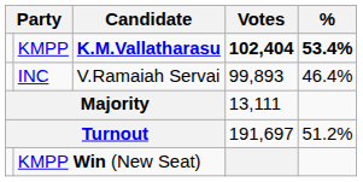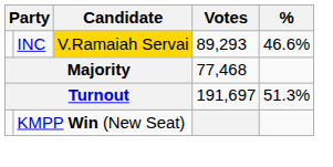 <table class="wikitable">
 <tr>
 <th colspan="2">Party</th>
 <th>Candidate</th>
 <th>Votes</th>
 <th>%</th>
 </tr>
 <tr>
 <td></td>
-<td><a href='#'>KMPP</a></td>
-<td><strong><a href='#'>K.M.Vallatharasu</a></strong></td>
-<td><strong>102,404</strong></td>
-<td><strong>53.4%</strong></td>
-</tr>
-<tr>
-<td></td>
 <td><a href='#'>INC</a></td>
-<td>V.Ramaiah Servai</td>
-<td>99,893</td>
-<td>46.4%</td>
+<td style="background: gold;">V.Ramaiah Servai</td>
+<td>89,293</td>
+<td>46.6%</td>
 </tr>
 <tr>
 <th colspan="3">Majority</th>
-<td>13,111</td>
+<td>77,468</td>
 </tr>
 <tr>
 <th colspan="3"><a href='#'>Turnout</a></th>
 <td>191,697</td>
-<td>51.2%</td>
+<td>51.3%</td>
 </tr>
 <tr>
 <td></td>
 <td colspan="2"><a href='#'>KMPP</a> <strong>Win</strong> (New Seat)</td>
 <th></th>
 <td></td>
 </tr>
 </table>
